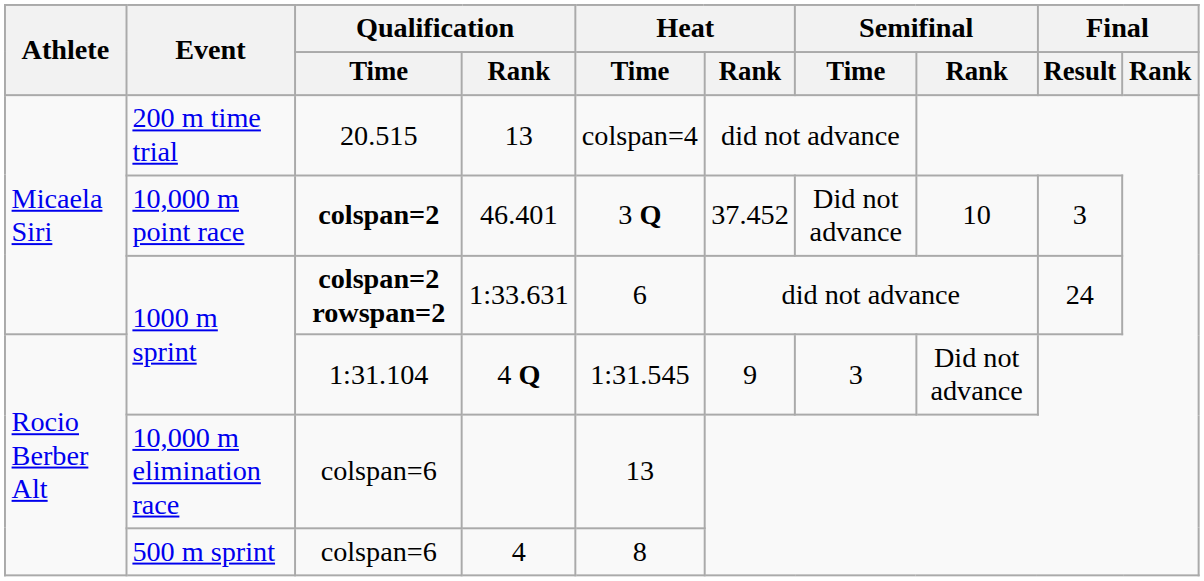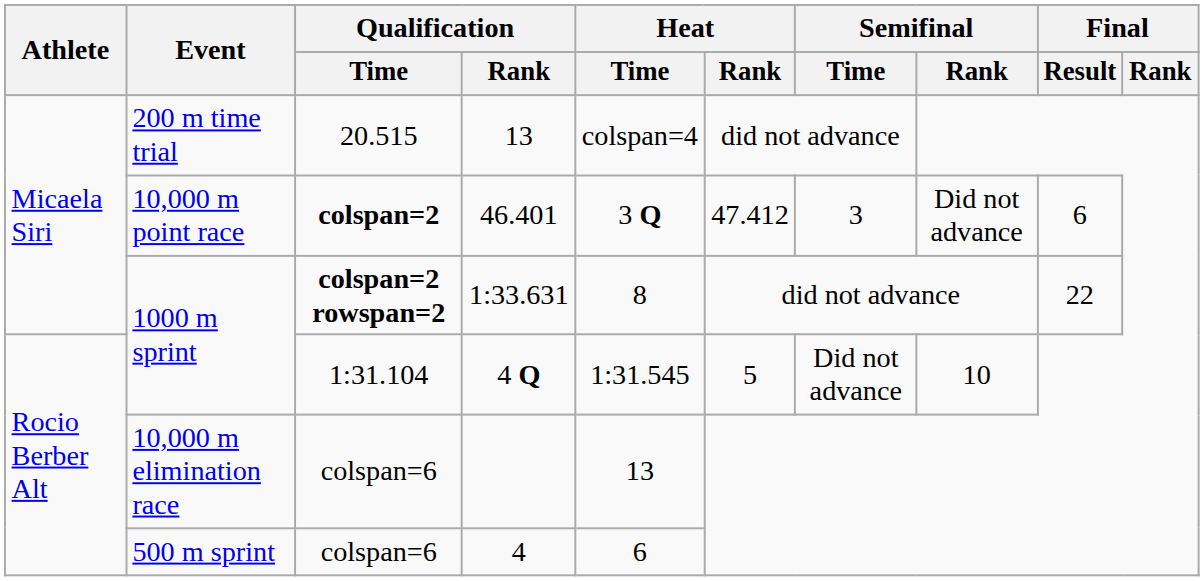 <table class=wikitable style=font-size:90%;text-align:center>
 <tr>
 <th rowspan=2>Athlete</th>
 <th rowspan=2>Event</th>
 <th colspan=2>Qualification</th>
 <th colspan=2>Heat</th>
 <th colspan=2>Semifinal</th>
 <th colspan=2>Final</th>
 </tr>
 <tr style=font-size:95%>
 <th>Time</th>
 <th>Rank</th>
 <th>Time</th>
 <th>Rank</th>
 <th>Time</th>
 <th>Rank</th>
 <th>Result</th>
 <th>Rank</th>
 </tr>
 <tr>
 <td align=left rowspan=3><a href='#'>Micaela Siri</a></td>
 <td align=left><a href='#'>200 m time trial</a></td>
 <td>20.515</td>
 <td>13</td>
 <td>colspan=4 </td>
 <td colspan=2>did not advance</td>
 </tr>
 <tr>
 <td align=left><a href='#'>10,000 m point race</a></td>
 <td><strong>colspan=2 </strong></td>
 <td>46.401</td>
 <td>3 <strong>Q</strong></td>
-<td>37.452</td>
+<td>47.412</td>
+<td>3</td>
 <td>Did not advance</td>
-<td>10</td>
-<td>3</td>
+<td>6</td>
 </tr>
 <tr>
 <td align=left rowspan=2><a href='#'>1000 m sprint</a></td>
 <td><strong>colspan=2 rowspan=2 </strong></td>
 <td>1:33.631</td>
-<td>6</td>
+<td>8</td>
 <td colspan=3>did not advance</td>
-<td>24</td>
+<td>22</td>
 </tr>
 <tr>
 <td align=left rowspan=3><a href='#'>Rocio Berber Alt</a></td>
 <td>1:31.104</td>
 <td>4 <strong>Q</strong></td>
 <td>1:31.545</td>
-<td>9</td>
-<td>3</td>
+<td>5</td>
 <td>Did not advance</td>
+<td>10</td>
 </tr>
 <tr>
 <td align=left><a href='#'>10,000 m elimination race</a></td>
 <td>colspan=6 </td>
 <td></td>
 <td>13</td>
 </tr>
 <tr>
 <td align=left><a href='#'>500 m sprint</a></td>
 <td>colspan=6 </td>
 <td>4</td>
-<td>8</td>
+<td>6</td>
 </tr>
 </table>
